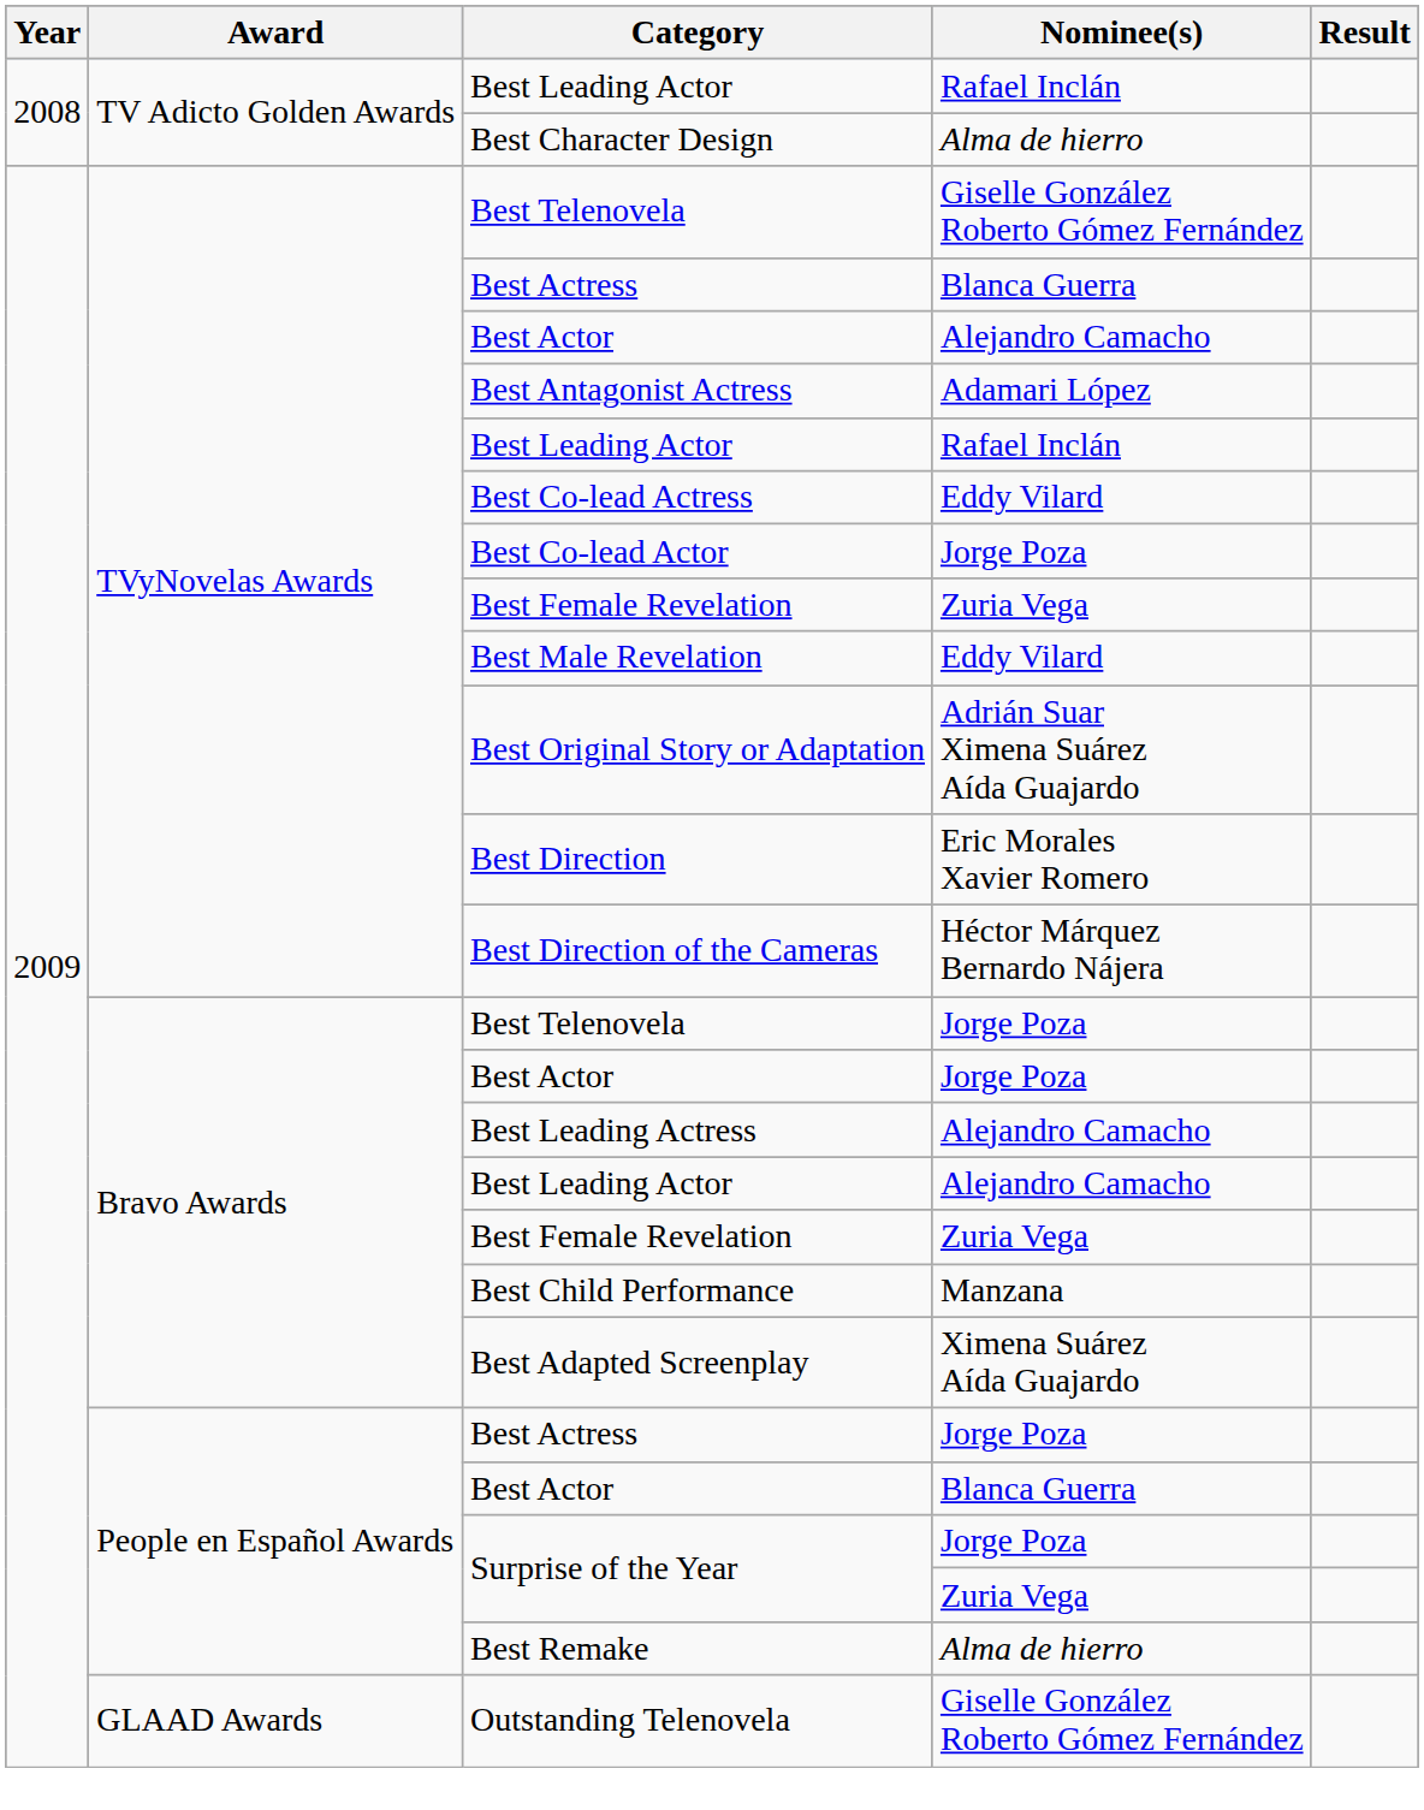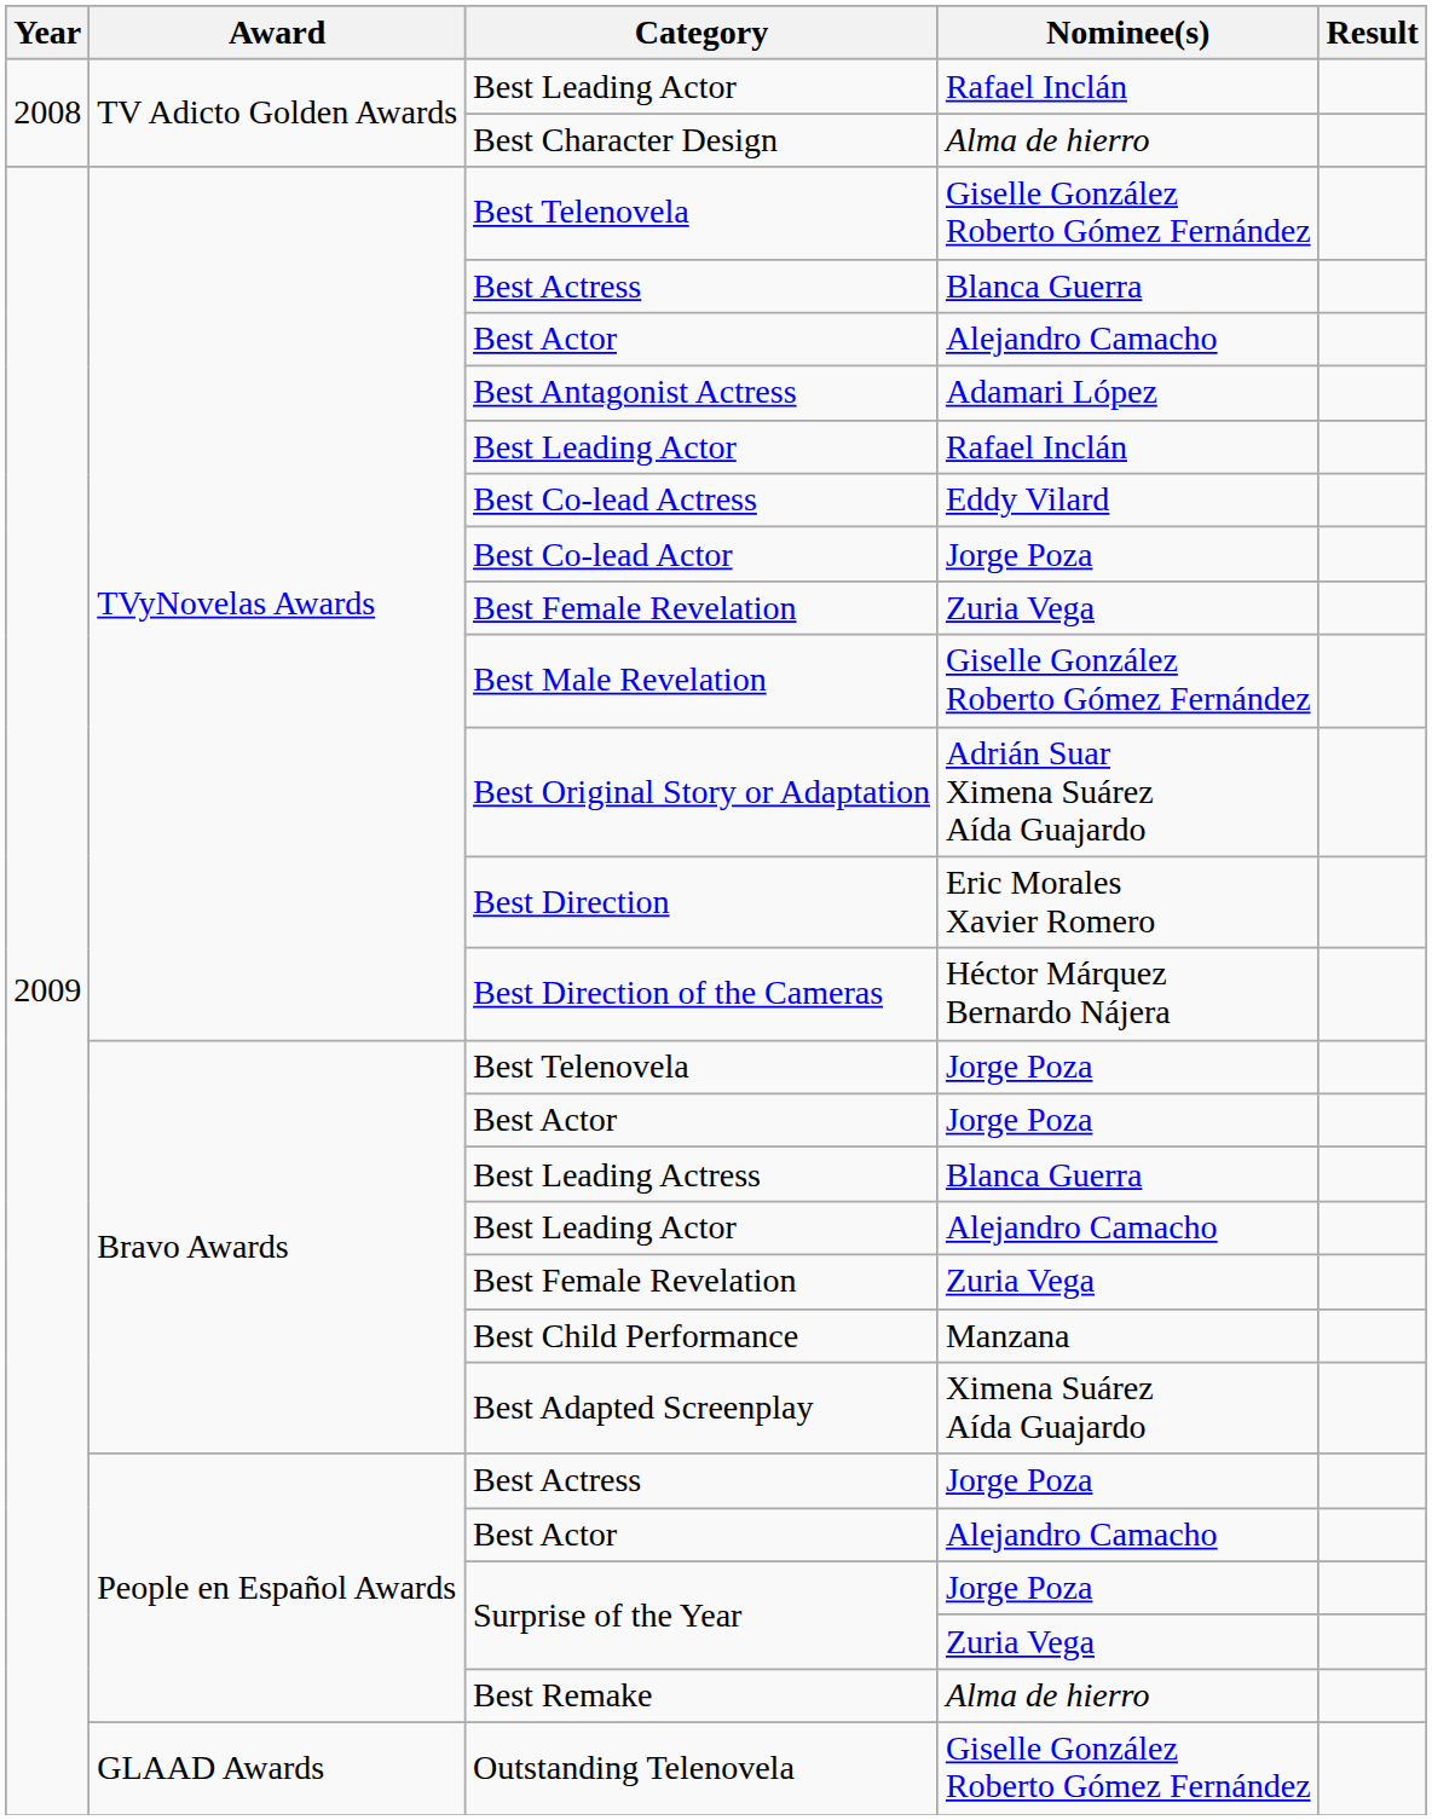 <table class="wikitable">
 <tr style="background:#b0c4de;">
 <th>Year</th>
 <th>Award</th>
 <th>Category</th>
 <th>Nominee(s)</th>
 <th>Result</th>
 </tr>
 <tr>
 <td rowspan=2>2008</td>
 <td rowspan=2>TV Adicto Golden Awards</td>
 <td>Best Leading Actor</td>
 <td><a href='#'>Rafael Inclán</a></td>
 <td></td>
 </tr>
 <tr>
 <td>Best Character Design</td>
 <td><em>Alma de hierro</em></td>
 <td></td>
 </tr>
 <tr>
 <td rowspan=25>2009</td>
 <td rowspan=12><a href='#'>TVyNovelas Awards</a></td>
 <td><a href='#'>Best Telenovela</a></td>
 <td><a href='#'>Giselle González</a> <br> <a href='#'>Roberto Gómez Fernández</a></td>
 <td></td>
 </tr>
 <tr>
 <td><a href='#'>Best Actress</a></td>
 <td><a href='#'>Blanca Guerra</a></td>
 <td></td>
 </tr>
 <tr>
 <td><a href='#'>Best Actor</a></td>
 <td><a href='#'>Alejandro Camacho</a></td>
 <td></td>
 </tr>
 <tr>
 <td><a href='#'>Best Antagonist Actress</a></td>
 <td><a href='#'>Adamari López</a></td>
 <td></td>
 </tr>
 <tr>
 <td><a href='#'>Best Leading Actor</a></td>
 <td><a href='#'>Rafael Inclán</a></td>
 <td></td>
 </tr>
 <tr>
 <td><a href='#'>Best Co-lead Actress</a></td>
 <td><a href='#'>Eddy Vilard</a></td>
 <td></td>
 </tr>
 <tr>
 <td><a href='#'>Best Co-lead Actor</a></td>
 <td><a href='#'>Jorge Poza</a></td>
 <td></td>
 </tr>
 <tr>
 <td><a href='#'>Best Female Revelation</a></td>
 <td><a href='#'>Zuria Vega</a></td>
 <td></td>
 </tr>
 <tr>
 <td><a href='#'>Best Male Revelation</a></td>
-<td><a href='#'>Eddy Vilard</a></td>
+<td><a href='#'>Giselle González</a> <br> <a href='#'>Roberto Gómez Fernández</a></td>
 <td></td>
 </tr>
 <tr>
 <td><a href='#'>Best Original Story or Adaptation</a></td>
 <td><a href='#'>Adrián Suar</a> <br> Ximena Suárez <br> Aída Guajardo</td>
 <td></td>
 </tr>
 <tr>
 <td><a href='#'>Best Direction</a></td>
 <td>Eric Morales <br> Xavier Romero</td>
 <td></td>
 </tr>
 <tr>
 <td><a href='#'>Best Direction of the Cameras</a></td>
 <td>Héctor Márquez <br> Bernardo Nájera</td>
 <td></td>
 </tr>
 <tr>
 <td rowspan=7>Bravo Awards</td>
 <td>Best Telenovela</td>
 <td><a href='#'>Jorge Poza</a></td>
 <td></td>
 </tr>
 <tr>
 <td>Best Actor</td>
 <td><a href='#'>Jorge Poza</a></td>
 <td></td>
 </tr>
 <tr>
 <td>Best Leading Actress</td>
-<td><a href='#'>Alejandro Camacho</a></td>
+<td><a href='#'>Blanca Guerra</a></td>
 <td></td>
 </tr>
 <tr>
 <td>Best Leading Actor</td>
 <td><a href='#'>Alejandro Camacho</a></td>
 <td></td>
 </tr>
 <tr>
 <td>Best Female Revelation</td>
 <td><a href='#'>Zuria Vega</a></td>
 <td></td>
 </tr>
 <tr>
 <td>Best Child Performance</td>
 <td>Manzana</td>
 <td></td>
 </tr>
 <tr>
 <td>Best Adapted Screenplay</td>
 <td>Ximena Suárez <br> Aída Guajardo</td>
 <td></td>
 </tr>
 <tr>
 <td rowspan=5>People en Español Awards</td>
 <td>Best Actress</td>
 <td><a href='#'>Jorge Poza</a></td>
 <td></td>
 </tr>
 <tr>
 <td>Best Actor</td>
-<td><a href='#'>Blanca Guerra</a></td>
+<td><a href='#'>Alejandro Camacho</a></td>
 <td></td>
 </tr>
 <tr>
 <td rowspan="2">Surprise of the Year</td>
 <td><a href='#'>Jorge Poza</a></td>
 <td></td>
 </tr>
 <tr>
 <td><a href='#'>Zuria Vega</a></td>
 <td></td>
 </tr>
 <tr>
 <td>Best Remake</td>
 <td><em>Alma de hierro</em></td>
 <td></td>
 </tr>
 <tr>
 <td>GLAAD Awards</td>
 <td>Outstanding Telenovela</td>
 <td><a href='#'>Giselle González</a> <br> <a href='#'>Roberto Gómez Fernández</a></td>
 <td></td>
 </tr>
 </table>
